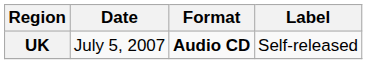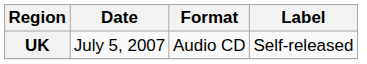 <table class="wikitable plainrowheaders">
 <tr>
 <th>Region</th>
 <th>Date</th>
 <th>Format</th>
 <th>Label</th>
 </tr>
 <tr>
 <th scope="row">UK</th>
 <td>July 5, 2007</td>
-<td><strong>Audio CD</strong></td>
+<td>Audio CD</td>
 <td>Self-released</td>
 </tr>
 <tr>
 </tr>
 </table>
